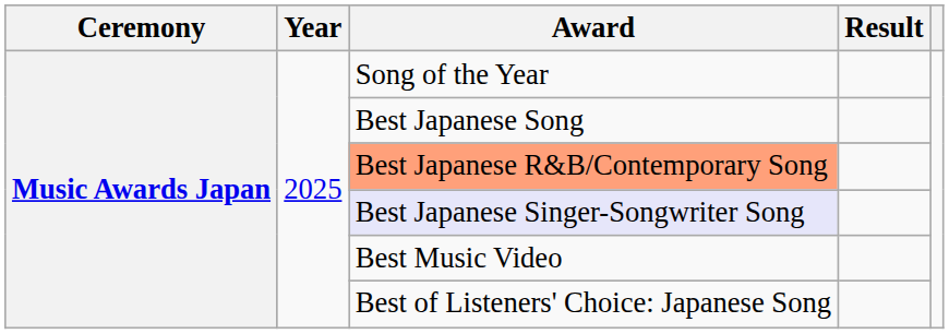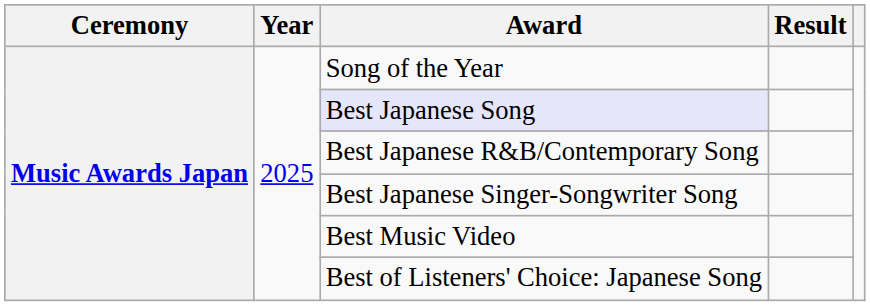 <table class="wikitable plainrowheaders">
 <tr>
 <th scope="col">Ceremony</th>
 <th scope="col">Year</th>
 <th scope="col">Award</th>
 <th scope="col">Result</th>
 <th scope="col" class="unsortable"></th>
 </tr>
 <tr>
 <th scope="row" rowspan="6"><a href='#'>Music Awards Japan</a></th>
 <td style="text-align:center" rowspan="6"><a href='#'>2025</a></td>
 <td>Song of the Year</td>
 <td></td>
 <td style="text-align:center" rowspan="6"></td>
 </tr>
 <tr>
-<td>Best Japanese Song</td>
+<td style="background: lavender;">Best Japanese Song</td>
 <td></td>
 </tr>
 <tr>
-<td style="background: lightsalmon;">Best Japanese R&B/Contemporary Song</td>
+<td>Best Japanese R&B/Contemporary Song</td>
 <td></td>
 </tr>
 <tr>
-<td style="background: lavender;">Best Japanese Singer-Songwriter Song</td>
+<td>Best Japanese Singer-Songwriter Song</td>
 <td></td>
 </tr>
 <tr>
 <td>Best Music Video</td>
 <td></td>
 </tr>
 <tr>
 <td>Best of Listeners' Choice: Japanese Song</td>
 <td></td>
 </tr>
 </table>
